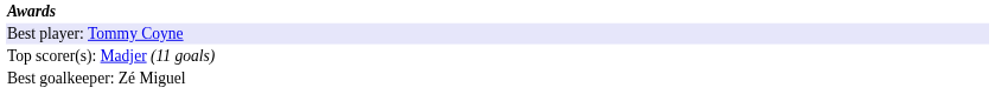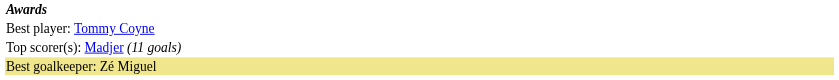 <table width=100% cellspacing=1 style="font-size: 90%;">
 <tr>
 <td><strong><em>Awards</em></strong></td>
 </tr>
 <tr>
-<td style="background: lavender;">Best player:  <a href='#'>Tommy Coyne</a></td>
+<td>Best player:  <a href='#'>Tommy Coyne</a></td>
 </tr>
 <tr>
 <td colspan=4>Top scorer(s):  <a href='#'>Madjer</a> <em>(11 goals)</em></td>
 </tr>
 <tr>
-<td>Best goalkeeper:  Zé Miguel</td>
+<td style="background: khaki;">Best goalkeeper:  Zé Miguel</td>
 </tr>
 </table>
